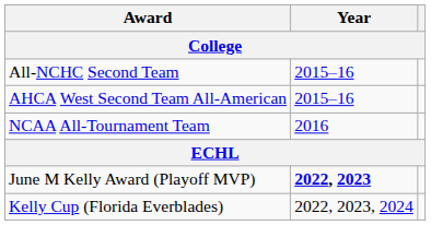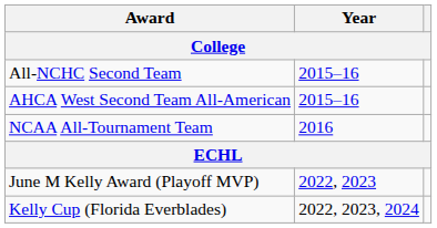 <table class="wikitable">
 <tr>
 <th>Award</th>
 <th>Year</th>
 <th></th>
 </tr>
 <tr>
 <th colspan="3"><a href='#'>College</a></th>
 </tr>
 <tr>
 <td>All-<a href='#'>NCHC</a> <a href='#'>Second Team</a></td>
 <td><a href='#'>2015–16</a></td>
 <td></td>
 </tr>
 <tr>
 <td><a href='#'>AHCA</a> <a href='#'>West Second Team All-American</a></td>
 <td><a href='#'>2015–16</a></td>
 <td></td>
 </tr>
 <tr>
 <td><a href='#'>NCAA</a> <a href='#'>All-Tournament Team</a></td>
 <td><a href='#'>2016</a></td>
 <td></td>
 </tr>
 <tr>
 <th colspan="3"><a href='#'>ECHL</a></th>
 </tr>
 <tr>
 <td>June M Kelly Award (Playoff MVP)</td>
-<td><strong><a href='#'>2022</a>, <a href='#'>2023</a></strong></td>
+<td><a href='#'>2022</a>, <a href='#'>2023</a></td>
 <td></td>
 </tr>
 <tr>
 <td><a href='#'>Kelly Cup</a> (Florida Everblades)</td>
 <td>2022, 2023, <a href='#'>2024</a></td>
 <td></td>
 </tr>
 </table>
